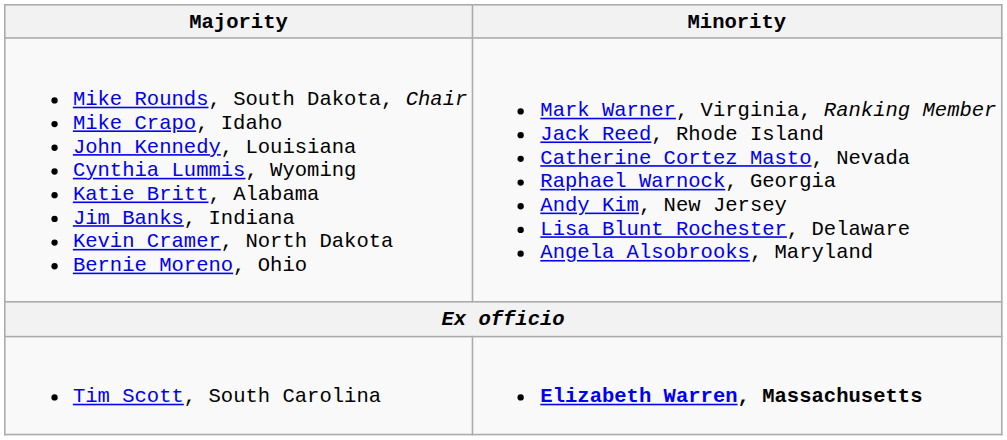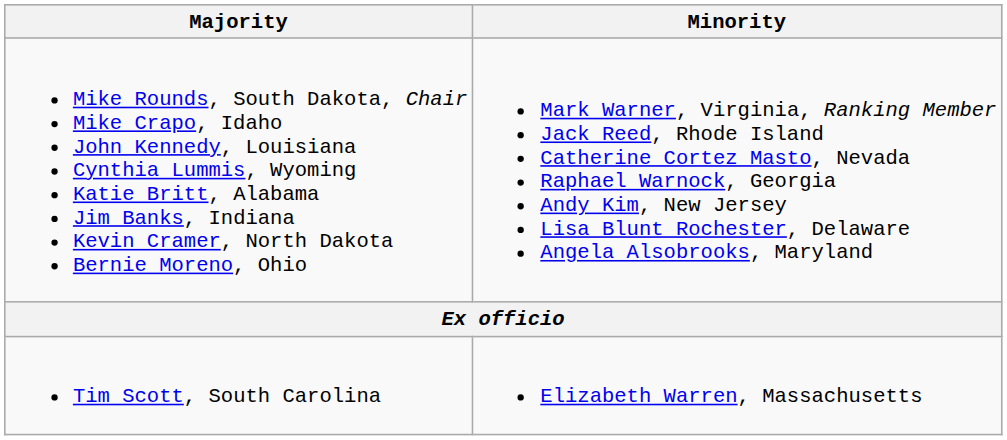 <table class=wikitable>
 <tr>
 <th>Majority</th>
 <th>Minority</th>
 </tr>
 <tr>
 <td><br><ul><li><a href='#'>Mike Rounds</a>, South Dakota, <em>Chair</em></li><li><a href='#'>Mike Crapo</a>, Idaho</li><li><a href='#'>John Kennedy</a>, Louisiana</li><li><a href='#'>Cynthia Lummis</a>, Wyoming</li><li><a href='#'>Katie Britt</a>, Alabama</li><li><a href='#'>Jim Banks</a>, Indiana</li><li><a href='#'>Kevin Cramer</a>, North Dakota</li><li><a href='#'>Bernie Moreno</a>, Ohio</li></ul></td>
 <td><br><ul><li><a href='#'>Mark Warner</a>, Virginia, <em>Ranking Member</em></li><li><a href='#'>Jack Reed</a>, Rhode Island</li><li><a href='#'>Catherine Cortez Masto</a>, Nevada</li><li><a href='#'>Raphael Warnock</a>, Georgia</li><li><a href='#'>Andy Kim</a>, New Jersey</li><li><a href='#'>Lisa Blunt Rochester</a>, Delaware</li><li><a href='#'>Angela Alsobrooks</a>, Maryland</li></ul></td>
 </tr>
 <tr>
 <th colspan=2><em>Ex officio</em></th>
 </tr>
 <tr>
 <td><br><ul><li><a href='#'>Tim Scott</a>, South Carolina</li></ul></td>
-<td><strong><br><ul><li><a href='#'>Elizabeth Warren</a>, Massachusetts</li></ul></strong></td>
+<td><br><ul><li><a href='#'>Elizabeth Warren</a>, Massachusetts</li></ul></td>
 </tr>
 </table>
